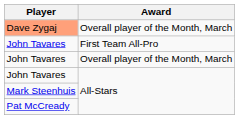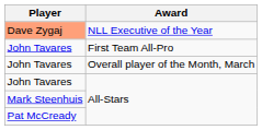 <table class="wikitable">
 <tr>
 <th>Player</th>
 <th>Award</th>
 </tr>
 <tr>
 <td style="background: lightsalmon;">Dave Zygaj</td>
-<td>Overall player of the Month, March</td>
+<td><a href='#'>NLL Executive of the Year</a></td>
 </tr>
 <tr>
 <td><a href='#'>John Tavares</a></td>
 <td>First Team All-Pro</td>
 </tr>
 <tr>
 <td>John Tavares</td>
 <td>Overall player of the Month, March</td>
 </tr>
 <tr>
 <td>John Tavares</td>
 <td rowspan=3>All-Stars</td>
 </tr>
 <tr>
 <td><a href='#'>Mark Steenhuis</a></td>
 </tr>
 <tr>
 <td><a href='#'>Pat McCready</a></td>
 </tr>
 </table>
